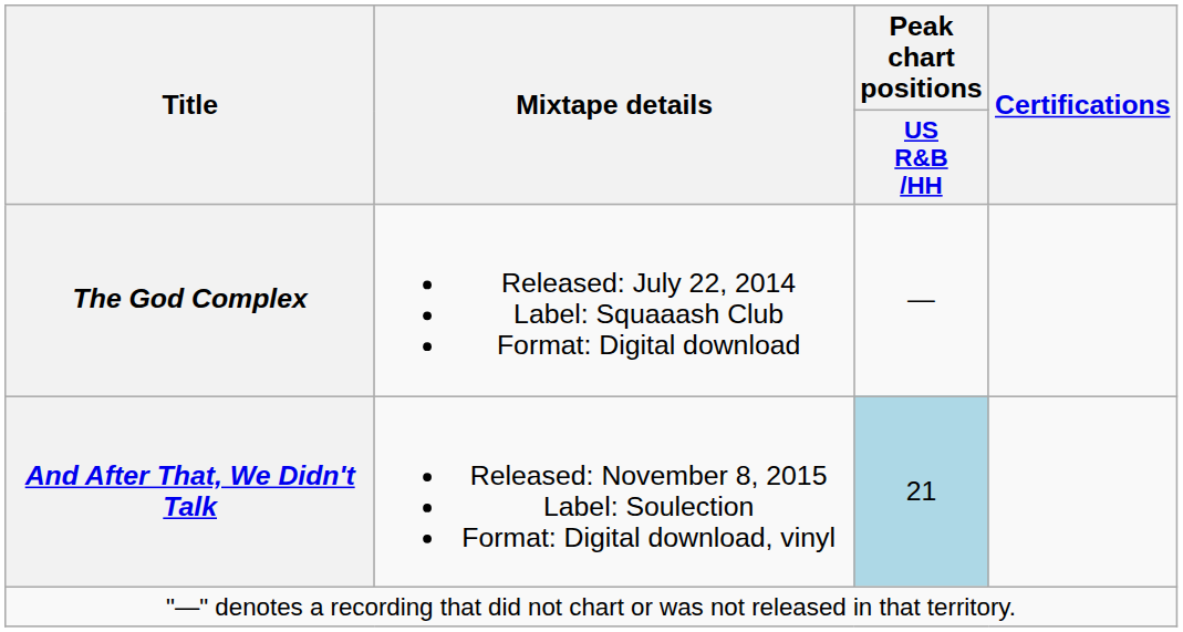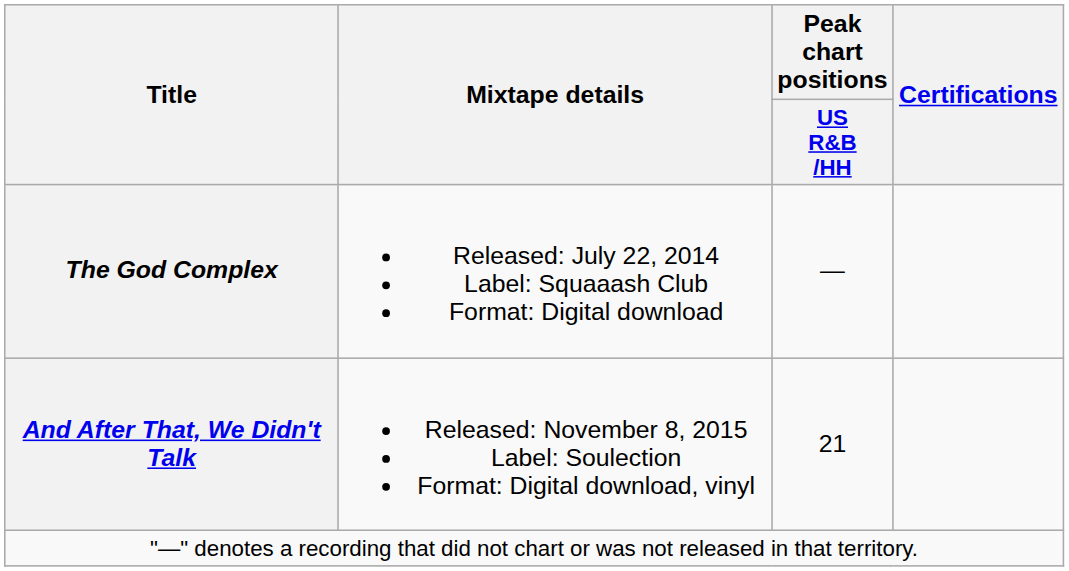 <table class="wikitable plainrowheaders" style="text-align:center;">
 <tr>
 <th scope="col" rowspan="2" style="width:13em;">Title</th>
 <th scope="col" rowspan="2" style="width:17em;">Mixtape details</th>
 <th scope="col" colspan="1">Peak chart positions</th>
 <th rowspan="2"><a href='#'>Certifications</a></th>
 </tr>
 <tr>
 <th scope="col" style="width:3em;font-size:90%;"><a href='#'>US<br>R&B<br>/HH</a><br></th>
 </tr>
 <tr>
 <th scope="row"><em>The God Complex</em></th>
 <td><br><ul><li>Released: July 22, 2014</li><li>Label: Squaaash Club</li><li>Format: Digital download</li></ul></td>
 <td>—</td>
 <td></td>
 </tr>
 <tr>
 <th scope="row"><em><a href='#'>And After That, We Didn't Talk</a></em></th>
 <td><br><ul><li>Released: November 8, 2015</li><li>Label: Soulection</li><li>Format: Digital download, vinyl</li></ul></td>
-<td style="background: lightblue;">21</td>
+<td>21</td>
 <td></td>
 </tr>
 <tr>
 <td colspan="12" style="font-size:90%">"—" denotes a recording that did not chart or was not released in that territory.</td>
 </tr>
 </table>
